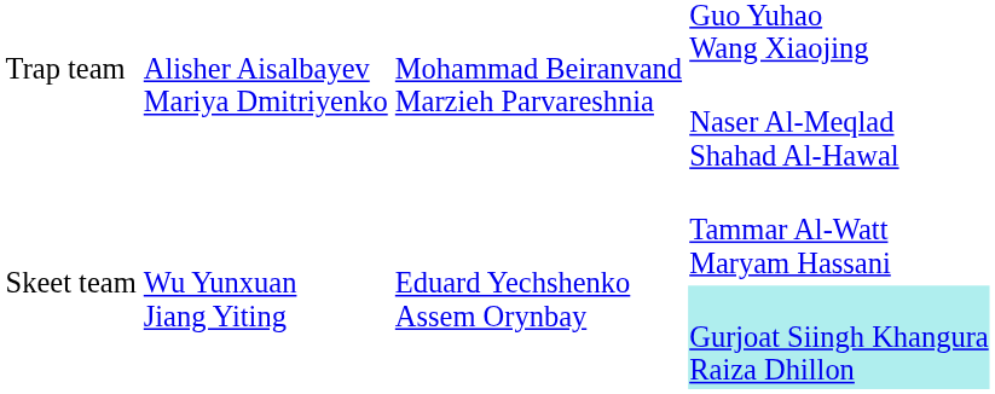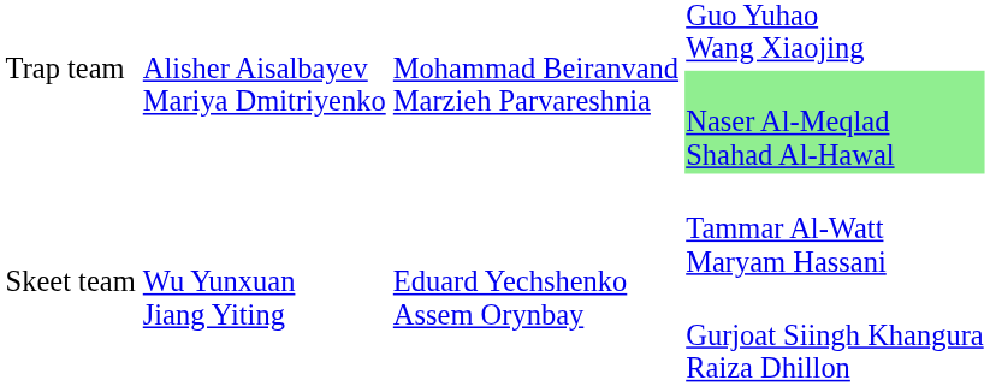 <table>
 <tr>
 <td rowspan=2>Trap team</td>
 <td rowspan=2><br><a href='#'>Alisher Aisalbayev</a><br><a href='#'>Mariya Dmitriyenko</a></td>
 <td rowspan=2><br><a href='#'>Mohammad Beiranvand</a><br><a href='#'>Marzieh Parvareshnia</a></td>
 <td><br><a href='#'>Guo Yuhao</a><br><a href='#'>Wang Xiaojing</a></td>
 </tr>
 <tr>
-<td><br><a href='#'>Naser Al-Meqlad</a><br><a href='#'>Shahad Al-Hawal</a></td>
+<td style="background: lightgreen;"><br><a href='#'>Naser Al-Meqlad</a><br><a href='#'>Shahad Al-Hawal</a></td>
 </tr>
 <tr>
 <td rowspan=2>Skeet team</td>
 <td rowspan=2><br><a href='#'>Wu Yunxuan</a><br><a href='#'>Jiang Yiting</a></td>
 <td rowspan=2><br><a href='#'>Eduard Yechshenko</a><br><a href='#'>Assem Orynbay</a></td>
 <td><br><a href='#'>Tammar Al-Watt</a><br><a href='#'>Maryam Hassani</a></td>
 </tr>
 <tr>
-<td style="background: paleturquoise;"><br><a href='#'>Gurjoat Siingh Khangura</a><br><a href='#'>Raiza Dhillon</a></td>
+<td><br><a href='#'>Gurjoat Siingh Khangura</a><br><a href='#'>Raiza Dhillon</a></td>
 </tr>
 </table>
